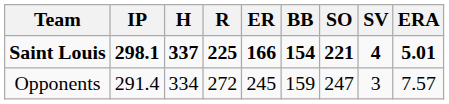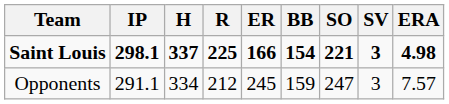 <table class="wikitable sortable">
 <tr>
 <th>Team</th>
 <th>IP</th>
 <th>H</th>
 <th>R</th>
 <th>ER</th>
 <th>BB</th>
 <th>SO</th>
 <th>SV</th>
 <th>ERA</th>
 </tr>
 <tr style="text-align:center;">
 <td><strong>Saint Louis</strong></td>
 <td><strong>298.1</strong></td>
 <td><strong>337</strong></td>
 <td><strong>225</strong></td>
 <td><strong>166</strong></td>
 <td><strong>154</strong></td>
 <td><strong>221</strong></td>
-<td><strong>4</strong></td>
-<td><strong>5.01</strong></td>
+<td><strong>3</strong></td>
+<td><strong>4.98</strong></td>
 </tr>
 <tr style="text-align:center;">
 <td>Opponents</td>
-<td>291.4</td>
+<td>291.1</td>
 <td>334</td>
-<td>272</td>
+<td>212</td>
 <td>245</td>
 <td>159</td>
 <td>247</td>
 <td>3</td>
 <td>7.57</td>
 </tr>
 </table>
